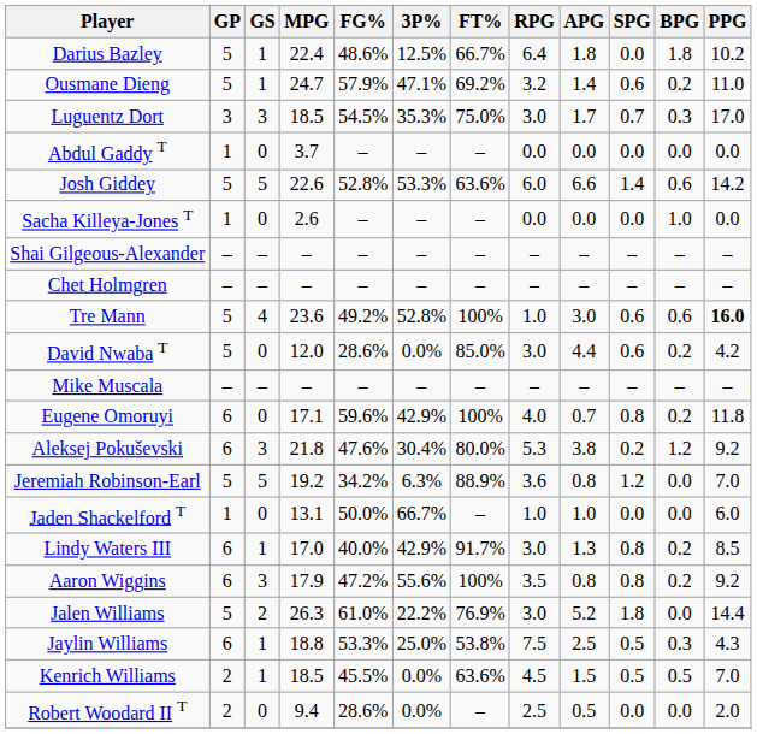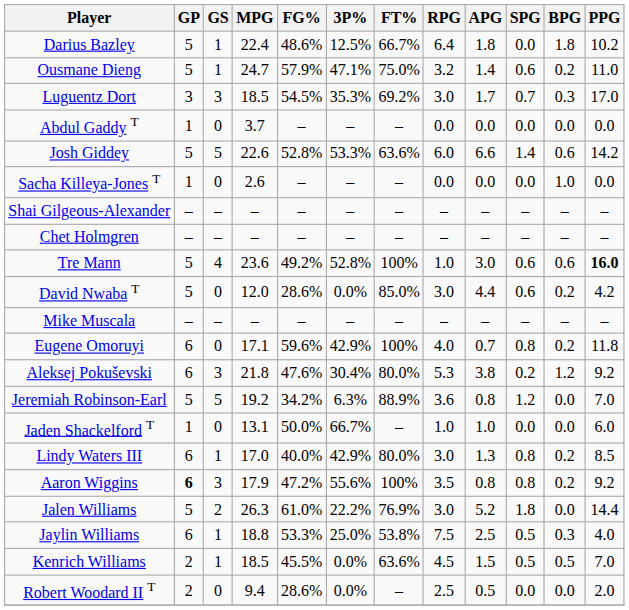 <table class="wikitable sortable" style="font-size: 90%; text-align:center;">
 <tr>
 <th>Player</th>
 <th>GP</th>
 <th>GS</th>
 <th>MPG</th>
 <th>FG%</th>
 <th>3P%</th>
 <th>FT%</th>
 <th>RPG</th>
 <th>APG</th>
 <th>SPG</th>
 <th>BPG</th>
 <th>PPG</th>
 </tr>
 <tr>
 <td><a href='#'>Darius Bazley</a></td>
 <td>5</td>
 <td>1</td>
 <td>22.4</td>
 <td>48.6%</td>
 <td>12.5%</td>
 <td>66.7%</td>
 <td>6.4</td>
 <td>1.8</td>
 <td>0.0</td>
 <td>1.8</td>
 <td>10.2</td>
 </tr>
 <tr>
 <td><a href='#'>Ousmane Dieng</a></td>
 <td>5</td>
 <td>1</td>
 <td>24.7</td>
 <td>57.9%</td>
 <td>47.1%</td>
-<td>69.2%</td>
+<td>75.0%</td>
 <td>3.2</td>
 <td>1.4</td>
 <td>0.6</td>
 <td>0.2</td>
 <td>11.0</td>
 </tr>
 <tr>
 <td><a href='#'>Luguentz Dort</a></td>
 <td>3</td>
 <td>3</td>
 <td>18.5</td>
 <td>54.5%</td>
 <td>35.3%</td>
-<td>75.0%</td>
+<td>69.2%</td>
 <td>3.0</td>
 <td>1.7</td>
 <td>0.7</td>
 <td>0.3</td>
 <td>17.0</td>
 </tr>
 <tr>
 <td><a href='#'>Abdul Gaddy</a> <sup>T</sup></td>
 <td>1</td>
 <td>0</td>
 <td>3.7</td>
 <td>–</td>
 <td>–</td>
 <td>–</td>
 <td>0.0</td>
 <td>0.0</td>
 <td>0.0</td>
 <td>0.0</td>
 <td>0.0</td>
 </tr>
 <tr>
 <td><a href='#'>Josh Giddey</a></td>
 <td>5</td>
 <td>5</td>
 <td>22.6</td>
 <td>52.8%</td>
 <td>53.3%</td>
 <td>63.6%</td>
 <td>6.0</td>
 <td>6.6</td>
 <td>1.4</td>
 <td>0.6</td>
 <td>14.2</td>
 </tr>
 <tr>
 <td><a href='#'>Sacha Killeya-Jones</a> <sup>T</sup></td>
 <td>1</td>
 <td>0</td>
 <td>2.6</td>
 <td>–</td>
 <td>–</td>
 <td>–</td>
 <td>0.0</td>
 <td>0.0</td>
 <td>0.0</td>
 <td>1.0</td>
 <td>0.0</td>
 </tr>
 <tr>
 <td><a href='#'>Shai Gilgeous-Alexander</a></td>
 <td>–</td>
 <td>–</td>
 <td>–</td>
 <td>–</td>
 <td>–</td>
 <td>–</td>
 <td>–</td>
 <td>–</td>
 <td>–</td>
 <td>–</td>
 <td>–</td>
 </tr>
 <tr>
 <td><a href='#'>Chet Holmgren</a></td>
 <td>–</td>
 <td>–</td>
 <td>–</td>
 <td>–</td>
 <td>–</td>
 <td>–</td>
 <td>–</td>
 <td>–</td>
 <td>–</td>
 <td>–</td>
 <td>–</td>
 </tr>
 <tr>
 <td><a href='#'>Tre Mann</a></td>
 <td>5</td>
 <td>4</td>
 <td>23.6</td>
 <td>49.2%</td>
 <td>52.8%</td>
 <td>100%</td>
 <td>1.0</td>
 <td>3.0</td>
 <td>0.6</td>
 <td>0.6</td>
 <td><strong>16.0</strong></td>
 </tr>
 <tr>
 <td><a href='#'>David Nwaba</a> <sup>T</sup></td>
 <td>5</td>
 <td>0</td>
 <td>12.0</td>
 <td>28.6%</td>
 <td>0.0%</td>
 <td>85.0%</td>
 <td>3.0</td>
 <td>4.4</td>
 <td>0.6</td>
 <td>0.2</td>
 <td>4.2</td>
 </tr>
 <tr>
 <td><a href='#'>Mike Muscala</a></td>
 <td>–</td>
 <td>–</td>
 <td>–</td>
 <td>–</td>
 <td>–</td>
 <td>–</td>
 <td>–</td>
 <td>–</td>
 <td>–</td>
 <td>–</td>
 <td>–</td>
 </tr>
 <tr>
 <td><a href='#'>Eugene Omoruyi</a></td>
 <td>6</td>
 <td>0</td>
 <td>17.1</td>
 <td>59.6%</td>
 <td>42.9%</td>
 <td>100%</td>
 <td>4.0</td>
 <td>0.7</td>
 <td>0.8</td>
 <td>0.2</td>
 <td>11.8</td>
 </tr>
 <tr>
 <td><a href='#'>Aleksej Pokuševski</a></td>
 <td>6</td>
 <td>3</td>
 <td>21.8</td>
 <td>47.6%</td>
 <td>30.4%</td>
 <td>80.0%</td>
 <td>5.3</td>
 <td>3.8</td>
 <td>0.2</td>
 <td>1.2</td>
 <td>9.2</td>
 </tr>
 <tr>
 <td><a href='#'>Jeremiah Robinson-Earl</a></td>
 <td>5</td>
 <td>5</td>
 <td>19.2</td>
 <td>34.2%</td>
 <td>6.3%</td>
 <td>88.9%</td>
 <td>3.6</td>
 <td>0.8</td>
 <td>1.2</td>
 <td>0.0</td>
 <td>7.0</td>
 </tr>
 <tr>
 <td><a href='#'>Jaden Shackelford</a> <sup>T</sup></td>
 <td>1</td>
 <td>0</td>
 <td>13.1</td>
 <td>50.0%</td>
 <td>66.7%</td>
 <td>–</td>
 <td>1.0</td>
 <td>1.0</td>
 <td>0.0</td>
 <td>0.0</td>
 <td>6.0</td>
 </tr>
 <tr>
 <td><a href='#'>Lindy Waters III</a></td>
 <td>6</td>
 <td>1</td>
 <td>17.0</td>
 <td>40.0%</td>
 <td>42.9%</td>
-<td>91.7%</td>
+<td>80.0%</td>
 <td>3.0</td>
 <td>1.3</td>
 <td>0.8</td>
 <td>0.2</td>
 <td>8.5</td>
 </tr>
 <tr>
 <td><a href='#'>Aaron Wiggins</a></td>
-<td>6</td>
+<td><strong>6</strong></td>
 <td>3</td>
 <td>17.9</td>
 <td>47.2%</td>
 <td>55.6%</td>
 <td>100%</td>
 <td>3.5</td>
 <td>0.8</td>
 <td>0.8</td>
 <td>0.2</td>
 <td>9.2</td>
 </tr>
 <tr>
 <td><a href='#'>Jalen Williams</a></td>
 <td>5</td>
 <td>2</td>
 <td>26.3</td>
 <td>61.0%</td>
 <td>22.2%</td>
 <td>76.9%</td>
 <td>3.0</td>
 <td>5.2</td>
 <td>1.8</td>
 <td>0.0</td>
 <td>14.4</td>
 </tr>
 <tr>
 <td><a href='#'>Jaylin Williams</a></td>
 <td>6</td>
 <td>1</td>
 <td>18.8</td>
 <td>53.3%</td>
 <td>25.0%</td>
 <td>53.8%</td>
 <td>7.5</td>
 <td>2.5</td>
 <td>0.5</td>
 <td>0.3</td>
-<td>4.3</td>
+<td>4.0</td>
 </tr>
 <tr>
 <td><a href='#'>Kenrich Williams</a></td>
 <td>2</td>
 <td>1</td>
 <td>18.5</td>
 <td>45.5%</td>
 <td>0.0%</td>
 <td>63.6%</td>
 <td>4.5</td>
 <td>1.5</td>
 <td>0.5</td>
 <td>0.5</td>
 <td>7.0</td>
 </tr>
 <tr>
 <td><a href='#'>Robert Woodard II</a> <sup>T</sup></td>
 <td>2</td>
 <td>0</td>
 <td>9.4</td>
 <td>28.6%</td>
 <td>0.0%</td>
 <td>–</td>
 <td>2.5</td>
 <td>0.5</td>
 <td>0.0</td>
 <td>0.0</td>
 <td>2.0</td>
 </tr>
 <tr>
 </tr>
 </table>
